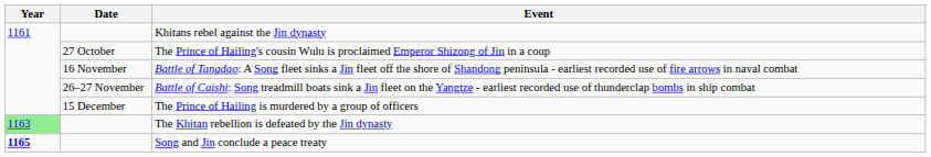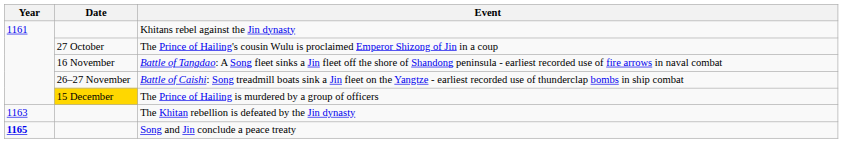 <table class="wikitable" width="100%">
 <tr>
 <th style="width:6%">Year</th>
 <th style="width:10%">Date</th>
 <th>Event</th>
 </tr>
 <tr>
 <td rowspan="5" valign="top"><a href='#'>1161</a></td>
 <td></td>
 <td>Khitans rebel against the <a href='#'>Jin dynasty</a></td>
 </tr>
 <tr>
 <td>27 October</td>
 <td>The <a href='#'>Prince of Hailing</a>'s cousin Wulu is proclaimed <a href='#'>Emperor Shizong of Jin</a> in a coup</td>
 </tr>
 <tr>
 <td>16 November</td>
 <td><em><a href='#'>Battle of Tangdao</a></em>: A <a href='#'>Song</a> fleet sinks a <a href='#'>Jin</a> fleet off the shore of <a href='#'>Shandong</a> peninsula - earliest recorded use of <a href='#'>fire arrows</a> in naval combat</td>
 </tr>
 <tr>
 <td>26–27 November</td>
 <td><em><a href='#'>Battle of Caishi</a></em>: <a href='#'>Song</a> treadmill boats sink a <a href='#'>Jin</a> fleet on the <a href='#'>Yangtze</a> - earliest recorded use of thunderclap <a href='#'>bombs</a> in ship combat</td>
 </tr>
 <tr>
-<td>15 December</td>
+<td style="background: gold;">15 December</td>
 <td>The <a href='#'>Prince of Hailing</a> is murdered by a group of officers</td>
 </tr>
 <tr>
-<td style="background: lightgreen;"><a href='#'>1163</a></td>
+<td><a href='#'>1163</a></td>
 <td></td>
 <td>The <a href='#'>Khitan</a> rebellion is defeated by the <a href='#'>Jin dynasty</a></td>
 </tr>
 <tr>
 <td><strong><a href='#'>1165</a></strong></td>
 <td></td>
 <td><a href='#'>Song</a> and <a href='#'>Jin</a> conclude a peace treaty</td>
 </tr>
 </table>
